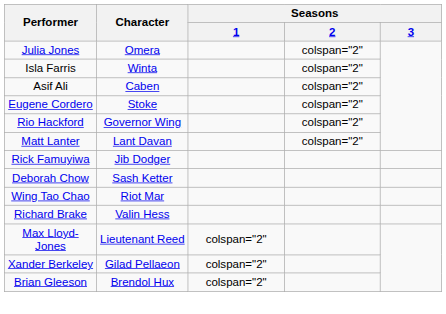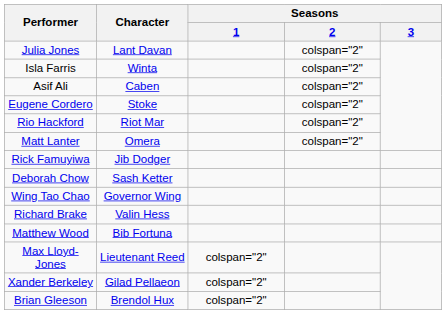 <table class="wikitable" style="text-align: center;">
 <tr>
 <th rowspan="2" style="width: 200px;">Performer</th>
 <th rowspan="2" style="width: 200px;">Character</th>
 <th colspan="3" style="width: 200px;">Seasons</th>
 </tr>
 <tr>
 <th style="width: 200px;"><a href='#'>1</a></th>
 <th style="width: 200px;"><a href='#'>2</a></th>
 <th style="width: 200px;"><a href='#'>3</a></th>
 </tr>
 <tr>
 <td><a href='#'>Julia Jones</a></td>
-<td><a href='#'>Omera</a></td>
+<td><a href='#'>Lant Davan</a></td>
 <td></td>
 <td>colspan="2" </td>
 </tr>
 <tr>
 <td>Isla Farris</td>
 <td><a href='#'>Winta</a></td>
 <td></td>
 <td>colspan="2" </td>
 </tr>
 <tr>
 <td>Asif Ali</td>
 <td><a href='#'>Caben</a></td>
 <td></td>
 <td>colspan="2" </td>
 </tr>
 <tr>
 <td><a href='#'>Eugene Cordero</a></td>
 <td><a href='#'>Stoke</a></td>
 <td></td>
 <td>colspan="2" </td>
 </tr>
 <tr>
 <td><a href='#'>Rio Hackford</a></td>
-<td><a href='#'>Governor Wing</a></td>
+<td><a href='#'>Riot Mar</a></td>
 <td></td>
 <td>colspan="2" </td>
 </tr>
 <tr>
 <td><a href='#'>Matt Lanter</a></td>
-<td><a href='#'>Lant Davan</a></td>
+<td><a href='#'>Omera</a></td>
 <td></td>
 <td>colspan="2" </td>
 </tr>
 <tr>
 <td><a href='#'>Rick Famuyiwa</a></td>
 <td><a href='#'>Jib Dodger</a></td>
 <td></td>
 <td></td>
 <td></td>
 </tr>
 <tr>
 <td><a href='#'>Deborah Chow</a></td>
 <td><a href='#'>Sash Ketter</a></td>
 <td></td>
 <td></td>
 <td></td>
 </tr>
 <tr>
 <td><a href='#'>Wing Tao Chao</a></td>
-<td><a href='#'>Riot Mar</a></td>
+<td><a href='#'>Governor Wing</a></td>
 <td></td>
 <td></td>
 <td></td>
 </tr>
 <tr>
 <td><a href='#'>Richard Brake</a></td>
 <td><a href='#'>Valin Hess</a></td>
+<td></td>
+<td></td>
+<td></td>
+</tr>
+<tr>
+<td><a href='#'>Matthew Wood</a></td>
+<td><a href='#'>Bib Fortuna</a></td>
 <td></td>
 <td></td>
 <td></td>
 </tr>
 <tr>
 <td><a href='#'>Max Lloyd-Jones</a></td>
 <td><a href='#'>Lieutenant Reed</a></td>
 <td>colspan="2" </td>
 <td></td>
 </tr>
 <tr>
 <td><a href='#'>Xander Berkeley</a></td>
 <td><a href='#'>Gilad Pellaeon</a></td>
 <td>colspan="2" </td>
 <td></td>
 </tr>
 <tr>
 <td><a href='#'>Brian Gleeson</a></td>
 <td><a href='#'>Brendol Hux</a></td>
 <td>colspan="2" </td>
 <td></td>
 </tr>
 </table>
